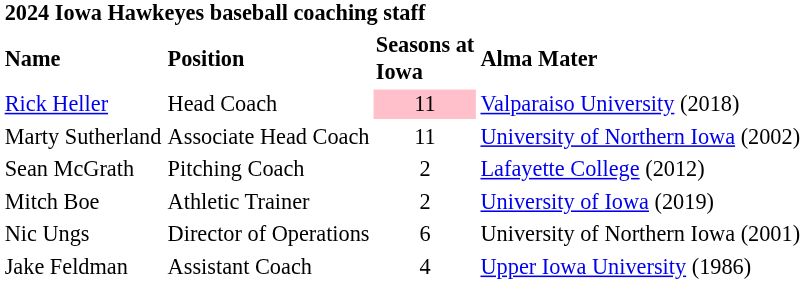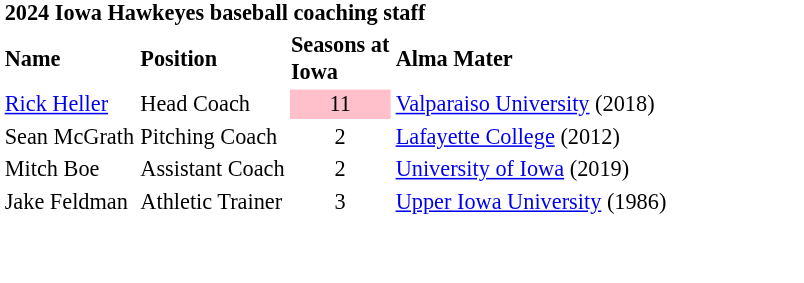 <table class="toccolours" style="text-align: left; font-size:90%;">
 <tr>
 <th colspan="4">2024 Iowa Hawkeyes baseball coaching staff</th>
 </tr>
 <tr>
 <th>Name</th>
 <th>Position</th>
 <th>Seasons at<br>Iowa</th>
 <th>Alma Mater</th>
 </tr>
 <tr>
 <td><a href='#'>Rick Heller</a></td>
 <td>Head Coach</td>
 <td align=center style="background: pink;">11</td>
 <td><a href='#'>Valparaiso University</a> (2018)</td>
 </tr>
 <tr>
-<td>Marty Sutherland</td>
-<td>Associate Head Coach</td>
-<td align=center>11</td>
-<td><a href='#'>University of Northern Iowa</a> (2002)</td>
-</tr>
-<tr>
 <td>Sean McGrath</td>
 <td>Pitching Coach</td>
 <td align=center>2</td>
 <td><a href='#'>Lafayette College</a> (2012)</td>
 </tr>
 <tr>
 <td>Mitch Boe</td>
-<td>Athletic Trainer</td>
+<td>Assistant Coach</td>
 <td align=center>2</td>
 <td><a href='#'>University of Iowa</a> (2019)</td>
 </tr>
 <tr>
-<td>Nic Ungs</td>
-<td>Director of Operations</td>
-<td align=center>6</td>
-<td>University of Northern Iowa (2001)</td>
-</tr>
-<tr>
 <td>Jake Feldman</td>
-<td>Assistant Coach</td>
-<td align=center>4</td>
+<td>Athletic Trainer</td>
+<td align=center>3</td>
 <td><a href='#'>Upper Iowa University</a> (1986)</td>
 </tr>
 </table>
